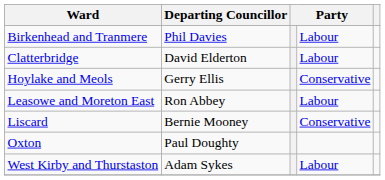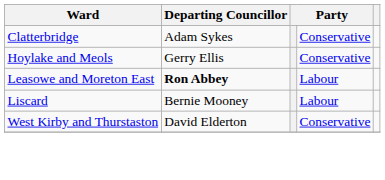 <table class="wikitable sortable">
 <tr>
 <th>Ward</th>
 <th>Departing Councillor</th>
 <th colspan="2">Party</th>
 <th></th>
 </tr>
 <tr>
-<td align="left"><a href='#'>Birkenhead and Tranmere</a></td>
-<td align="left"><a href='#'>Phil Davies</a></td>
+<td align="left"><a href='#'>Clatterbridge</a></td>
+<td align="left">Adam Sykes</td>
 <th style="color:inherit;background-color: "></th>
-<td><a href='#'>Labour</a></td>
-<td align = center></td>
-</tr>
-<tr>
-<td align="left"><a href='#'>Clatterbridge</a></td>
-<td align="left">David Elderton</td>
-<th style="color:inherit;background-color: "></th>
-<td><a href='#'>Labour</a> </td>
+<td><a href='#'>Conservative</a></td>
 <td align = center></td>
 </tr>
 <tr>
 <td align="left"><a href='#'>Hoylake and Meols</a></td>
 <td align="left">Gerry Ellis</td>
 <th style="color:inherit;background-color: "></th>
 <td><a href='#'>Conservative</a> </td>
 <td align = center></td>
 </tr>
 <tr>
 <td align="left"><a href='#'>Leasowe and Moreton East</a></td>
-<td align="left">Ron Abbey</td>
+<td align="left"><strong>Ron Abbey</strong></td>
 <th style="color:inherit;background-color: "></th>
 <td><a href='#'>Labour</a> </td>
 <td align = center></td>
 </tr>
 <tr>
 <td align="left"><a href='#'>Liscard</a></td>
 <td align="left">Bernie Mooney</td>
 <th style="color:inherit;background-color: "></th>
-<td><a href='#'>Conservative</a></td>
-<td align = center></td>
-</tr>
-<tr>
-<td align="left"><a href='#'>Oxton</a></td>
-<td align="left">Paul Doughty</td>
-<th style="color:inherit;background-color: "></th>
-<td><a href='#'></a></td>
+<td><a href='#'>Labour</a> </td>
 <td align = center></td>
 </tr>
 <tr>
 <td align="left"><a href='#'>West Kirby and Thurstaston</a></td>
-<td align="left">Adam Sykes</td>
+<td align="left">David Elderton</td>
 <th style="color:inherit;background-color: "></th>
-<td><a href='#'>Labour</a> </td>
+<td><a href='#'>Conservative</a></td>
 <td align = center></td>
 </tr>
 <tr>
 </tr>
 </table>
